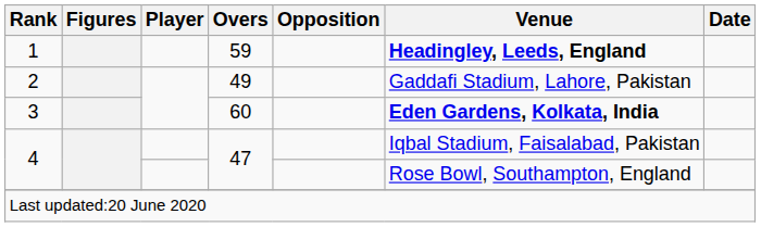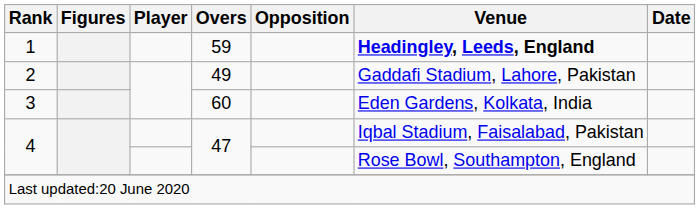 <table class="wikitable sortable">
 <tr>
 <th scope=col>Rank</th>
 <th scope=col>Figures</th>
 <th scope=col>Player</th>
 <th scope=col>Overs</th>
 <th scope=col>Opposition</th>
 <th scope=col>Venue</th>
 <th scope=col>Date</th>
 </tr>
 <tr>
 <td scope=row style=text-align:center;>1</td>
 <th scope=row style=text-align:center;></th>
 <td></td>
 <td align=center>59</td>
 <td></td>
 <td><strong><a href='#'>Headingley</a>, <a href='#'>Leeds</a>, England</strong></td>
 <td></td>
 </tr>
 <tr>
 <td align=center>2</td>
 <th scope=row style=text-align:center;></th>
 <td rowspan=2></td>
 <td align=center>49</td>
 <td></td>
 <td><a href='#'>Gaddafi Stadium</a>, <a href='#'>Lahore</a>, Pakistan</td>
 <td></td>
 </tr>
 <tr>
 <td align=center>3</td>
 <th scope=row style=text-align:center;></th>
 <td align=center>60</td>
 <td></td>
-<td><strong><a href='#'>Eden Gardens</a>, <a href='#'>Kolkata</a>, India</strong></td>
+<td><a href='#'>Eden Gardens</a>, <a href='#'>Kolkata</a>, India</td>
 <td></td>
 </tr>
 <tr>
 <td align=center rowspan=2>4</td>
 <th scope=row style=text-align:center; rowspan=2></th>
 <td></td>
 <td align=center rowspan=2>47</td>
 <td></td>
 <td><a href='#'>Iqbal Stadium</a>, <a href='#'>Faisalabad</a>, Pakistan</td>
 <td></td>
 </tr>
 <tr>
 <td></td>
 <td></td>
 <td><a href='#'>Rose Bowl</a>, <a href='#'>Southampton</a>, England</td>
 <td></td>
 </tr>
 <tr>
 </tr>
 <tr class=sortbottom>
 <td colspan=7><small>Last updated:20 June 2020</small></td>
 </tr>
 </table>
